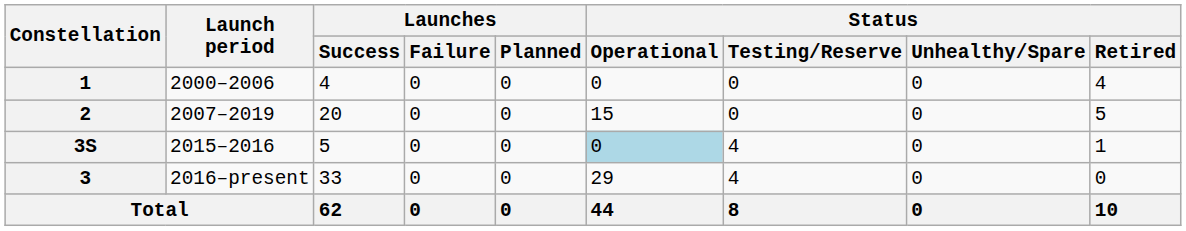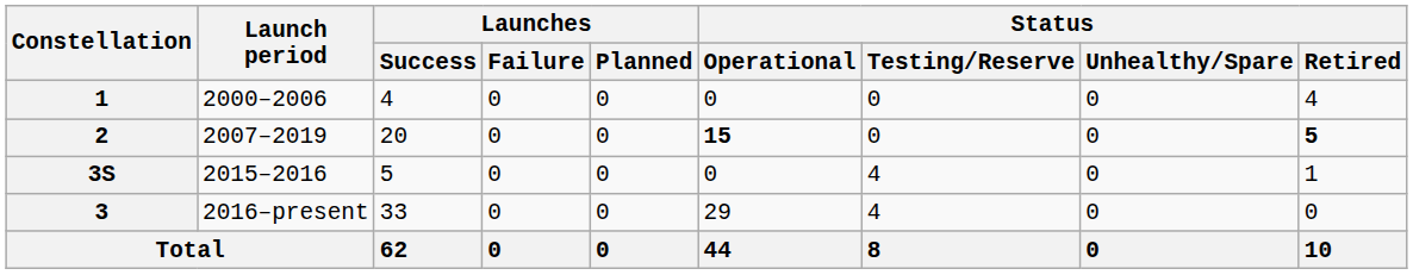 <table class="wikitable" style="margin:0 0 1em 1em;">
 <tr>
 <th rowspan="2">Constellation</th>
 <th rowspan="2">Launch <br>period</th>
 <th colspan="3">Launches</th>
 <th colspan="4">Status</th>
 </tr>
 <tr>
 <th>Success</th>
 <th>Failure</th>
 <th>Planned</th>
 <th>Operational</th>
 <th>Testing/Reserve</th>
 <th>Unhealthy/Spare</th>
 <th>Retired</th>
 </tr>
 <tr>
 <th>1</th>
 <td>2000–2006</td>
 <td>4</td>
 <td>0</td>
 <td>0</td>
 <td>0</td>
 <td>0</td>
 <td>0</td>
 <td>4</td>
 </tr>
 <tr>
 <th>2</th>
 <td>2007–2019</td>
 <td>20</td>
 <td>0</td>
 <td>0</td>
-<td>15</td>
+<td><strong>15</strong></td>
 <td>0</td>
 <td>0</td>
-<td>5</td>
+<td><strong>5</strong></td>
 </tr>
 <tr>
 <th>3S</th>
 <td>2015–2016</td>
 <td>5</td>
 <td>0</td>
 <td>0</td>
-<td style="background: lightblue;">0</td>
+<td>0</td>
 <td>4</td>
 <td>0</td>
 <td>1</td>
 </tr>
 <tr>
 <th>3</th>
 <td>2016–present</td>
 <td>33</td>
 <td>0</td>
 <td>0</td>
 <td>29</td>
 <td>4</td>
 <td>0</td>
 <td>0</td>
 </tr>
 <tr>
 <th colspan="2">Total</th>
 <th style="text-align: left;">62</th>
 <th style="text-align: left;">0</th>
 <th style="text-align: left;">0</th>
 <th style="text-align: left;">44</th>
 <th style="text-align: left;">8</th>
 <th style="text-align: left;">0</th>
 <th style="text-align: left;">10</th>
 </tr>
 </table>
